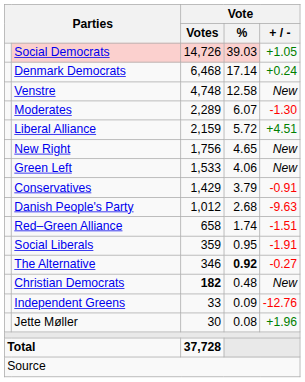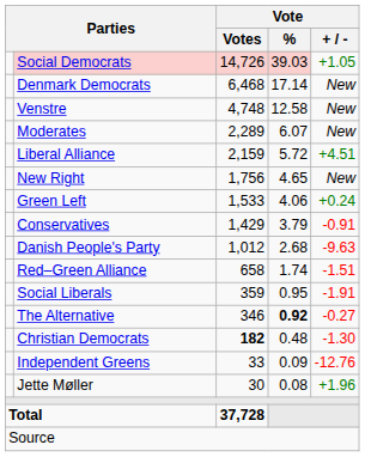 <table class="wikitable" style="text-align:right;">
 <tr>
 <th style="text-align:centre;" rowspan="2" colspan="2" width="225">Parties</th>
 <th colspan="3">Vote</th>
 </tr>
 <tr>
 <th width="15">Votes</th>
 <th width="15">%</th>
 <th width="15">+ / -</th>
 </tr>
 <tr>
 <td width="2" style="color:inherit;background:"></td>
 <td bgcolor=#fbd0ce  align="left"><a href='#'>Social Democrats</a></td>
 <td bgcolor=#fbd0ce>14,726</td>
 <td bgcolor=#fbd0ce>39.03</td>
 <td style=color:green;>+1.05</td>
 </tr>
 <tr>
 <td width="2" style="color:inherit;background:"></td>
 <td align="left"><a href='#'>Denmark Democrats</a></td>
 <td>6,468</td>
 <td>17.14</td>
-<td style=color:green;>+0.24</td>
+<td><em>New</em></td>
 </tr>
 <tr>
 <td width="2" style="color:inherit;background:"></td>
 <td align="left"><a href='#'>Venstre</a></td>
 <td>4,748</td>
 <td>12.58</td>
 <td><em>New</em></td>
 </tr>
 <tr>
 <td width="2" style="color:inherit;background:"></td>
 <td align="left"><a href='#'>Moderates</a></td>
 <td>2,289</td>
 <td>6.07</td>
-<td style=color:red;>-1.30</td>
+<td><em>New</em></td>
 </tr>
 <tr>
 <td width="2" style="color:inherit;background:"></td>
 <td align="left"><a href='#'>Liberal Alliance</a></td>
 <td>2,159</td>
 <td>5.72</td>
 <td style=color:green;>+4.51</td>
 </tr>
 <tr>
 <td width="2" style="color:inherit;background:"></td>
 <td align="left"><a href='#'>New Right</a></td>
 <td>1,756</td>
 <td>4.65</td>
 <td><em>New</em></td>
 </tr>
 <tr>
 <td width="2" style="color:inherit;background:"></td>
 <td align="left"><a href='#'>Green Left</a></td>
 <td>1,533</td>
 <td>4.06</td>
-<td><em>New</em></td>
+<td style=color:green;>+0.24</td>
 </tr>
 <tr>
 <td width="2" style="color:inherit;background:"></td>
 <td align="left"><a href='#'>Conservatives</a></td>
 <td>1,429</td>
 <td>3.79</td>
 <td style=color:red;>-0.91</td>
 </tr>
 <tr>
 <td width="2" style="color:inherit;background:"></td>
 <td align="left"><a href='#'>Danish People's Party</a></td>
 <td>1,012</td>
 <td>2.68</td>
 <td style=color:red;>-9.63</td>
 </tr>
 <tr>
 <td width="2" style="color:inherit;background:"></td>
 <td align="left"><a href='#'>Red–Green Alliance</a></td>
 <td>658</td>
 <td>1.74</td>
 <td style=color:red;>-1.51</td>
 </tr>
 <tr>
 <td width="2" style="color:inherit;background:"></td>
 <td align="left"><a href='#'>Social Liberals</a></td>
 <td>359</td>
 <td>0.95</td>
 <td style=color:red;>-1.91</td>
 </tr>
 <tr>
 <td width="2" style="color:inherit;background:"></td>
 <td align="left"><a href='#'>The Alternative</a></td>
 <td>346</td>
 <td><strong>0.92</strong></td>
 <td style=color:red;>-0.27</td>
 </tr>
 <tr>
 <td width="2" style="color:inherit;background:"></td>
 <td align="left"><a href='#'>Christian Democrats</a></td>
 <td><strong>182</strong></td>
 <td>0.48</td>
-<td><em>New</em></td>
+<td style=color:red;>-1.30</td>
 </tr>
 <tr>
 <td width="2" style="color:inherit;background:"></td>
 <td align="left"><a href='#'>Independent Greens</a></td>
 <td>33</td>
 <td>0.09</td>
 <td style=color:red;>-12.76</td>
 </tr>
 <tr>
 <td width="2" style="color:inherit;background:"></td>
 <td align="left">Jette Møller</td>
 <td>30</td>
 <td>0.08</td>
 <td style=color:green;>+1.96</td>
 </tr>
 <tr>
 <td colspan="7" bgcolor="#E9E9E9"></td>
 </tr>
 <tr>
 <td align="left" colspan="2"><strong>Total</strong></td>
 <td><strong>37,728</strong></td>
 <td bgcolor="#E9E9E9" colspan="2"></td>
 </tr>
 <tr>
 <td align="left" colspan="6">Source</td>
 </tr>
 </table>
